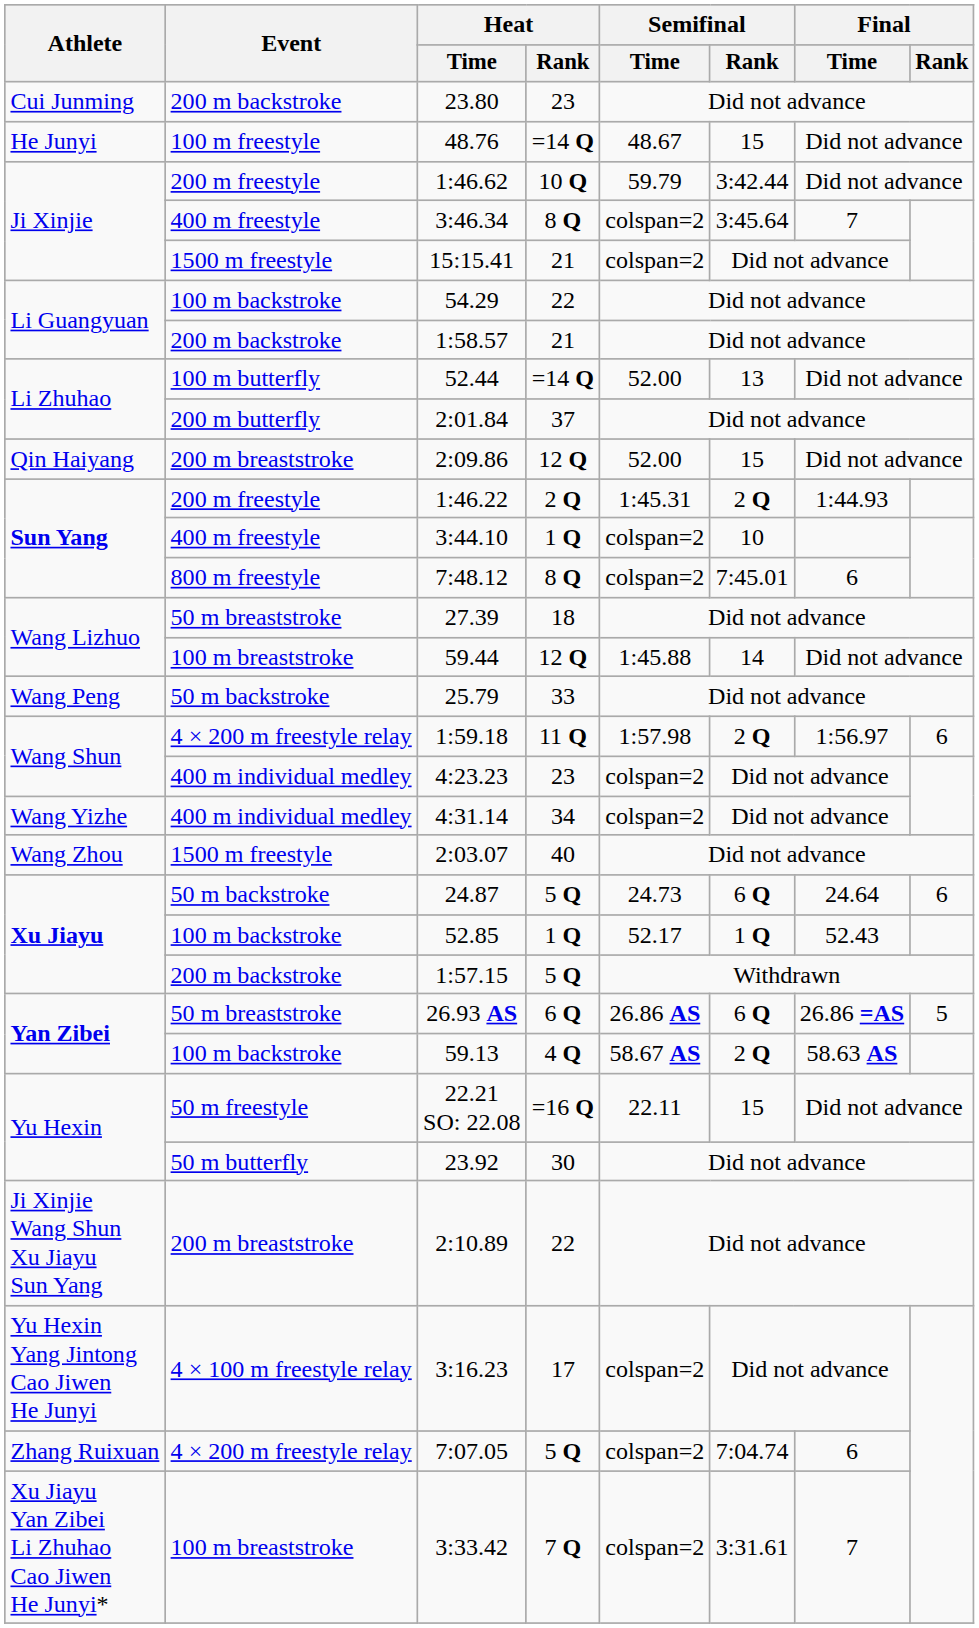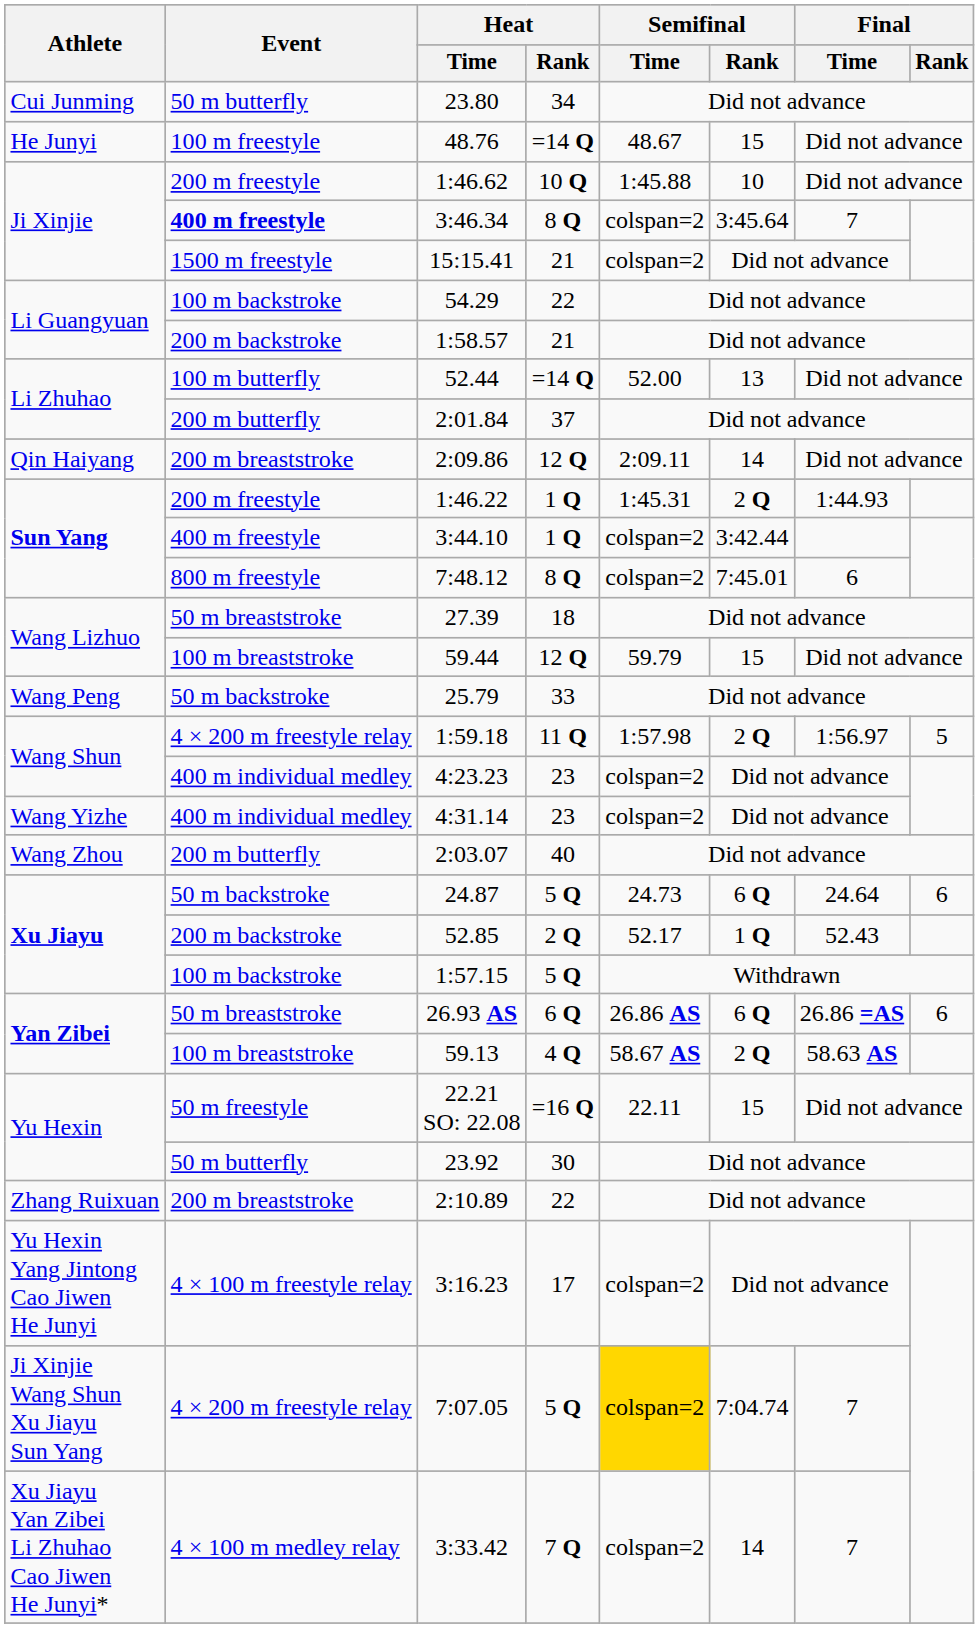 <table class="wikitable" style="text-align:center; font-size:90%">
 <tr>
 <th rowspan="2">Athlete</th>
 <th rowspan="2">Event</th>
 <th colspan="2">Heat</th>
 <th colspan="2">Semifinal</th>
 <th colspan="2">Final</th>
 </tr>
 <tr style="font-size:95%">
 <th>Time</th>
 <th>Rank</th>
 <th>Time</th>
 <th>Rank</th>
 <th>Time</th>
 <th>Rank</th>
 </tr>
 <tr>
 <td align=left><a href='#'>Cui Junming</a></td>
-<td align=left><a href='#'>200 m backstroke</a></td>
+<td align=left><a href='#'>50 m butterfly</a></td>
 <td>23.80</td>
-<td>23</td>
+<td>34</td>
 <td colspan="4">Did not advance</td>
 </tr>
 <tr>
 <td align=left><a href='#'>He Junyi</a></td>
 <td align=left><a href='#'>100 m freestyle</a></td>
 <td>48.76</td>
 <td>=14 <strong>Q</strong></td>
 <td>48.67</td>
 <td>15</td>
 <td colspan="2">Did not advance</td>
 </tr>
 <tr>
 <td align=left rowspan=3><a href='#'>Ji Xinjie</a></td>
 <td align=left><a href='#'>200 m freestyle</a></td>
 <td>1:46.62</td>
 <td>10 <strong>Q</strong></td>
-<td>59.79</td>
-<td>3:42.44</td>
+<td>1:45.88</td>
+<td>10</td>
 <td colspan="2">Did not advance</td>
 </tr>
 <tr>
-<td align=left><a href='#'>400 m freestyle</a></td>
+<td align=left><strong><a href='#'>400 m freestyle</a></strong></td>
 <td>3:46.34</td>
 <td>8 <strong>Q</strong></td>
 <td>colspan=2</td>
 <td>3:45.64</td>
 <td>7</td>
 </tr>
 <tr>
 <td align=left><a href='#'>1500 m freestyle</a></td>
 <td>15:15.41</td>
 <td>21</td>
 <td>colspan=2</td>
 <td colspan="2">Did not advance</td>
 </tr>
 <tr>
 <td align=left rowspan=2><a href='#'>Li Guangyuan</a></td>
 <td align=left><a href='#'>100 m backstroke</a></td>
 <td>54.29</td>
 <td>22</td>
 <td colspan="4">Did not advance</td>
 </tr>
 <tr>
 <td align=left><a href='#'>200 m backstroke</a></td>
 <td>1:58.57</td>
 <td>21</td>
 <td colspan="4">Did not advance</td>
 </tr>
 <tr>
 <td align=left rowspan=2><a href='#'>Li Zhuhao</a></td>
 <td align=left><a href='#'>100 m butterfly</a></td>
 <td>52.44</td>
 <td>=14 <strong>Q</strong></td>
 <td>52.00</td>
 <td>13</td>
 <td colspan="2">Did not advance</td>
 </tr>
 <tr>
 <td align=left><a href='#'>200 m butterfly</a></td>
 <td>2:01.84</td>
 <td>37</td>
 <td colspan="4">Did not advance</td>
 </tr>
 <tr>
 <td align=left><a href='#'>Qin Haiyang</a></td>
 <td align=left><a href='#'>200 m breaststroke</a></td>
 <td>2:09.86</td>
 <td>12 <strong>Q</strong></td>
-<td>52.00</td>
-<td>15</td>
+<td>2:09.11</td>
+<td>14</td>
 <td colspan="2">Did not advance</td>
 </tr>
 <tr>
 <td align=left rowspan=3><strong><a href='#'>Sun Yang</a></strong></td>
 <td align=left><a href='#'>200 m freestyle</a></td>
 <td>1:46.22</td>
-<td>2 <strong>Q</strong></td>
+<td>1 <strong>Q</strong></td>
 <td>1:45.31</td>
 <td>2 <strong>Q</strong></td>
 <td>1:44.93</td>
 <td></td>
 </tr>
 <tr>
 <td align=left><a href='#'>400 m freestyle</a></td>
 <td>3:44.10</td>
 <td>1 <strong>Q</strong></td>
 <td>colspan=2</td>
-<td>10</td>
+<td>3:42.44</td>
 <td></td>
 </tr>
 <tr>
 <td align=left><a href='#'>800 m freestyle</a></td>
 <td>7:48.12</td>
 <td>8 <strong>Q</strong></td>
 <td>colspan=2</td>
 <td>7:45.01</td>
 <td>6</td>
 </tr>
 <tr>
 <td align=left rowspan=2><a href='#'>Wang Lizhuo</a></td>
 <td align=left><a href='#'>50 m breaststroke</a></td>
 <td>27.39</td>
 <td>18</td>
 <td colspan="4">Did not advance</td>
 </tr>
 <tr>
 <td align=left><a href='#'>100 m breaststroke</a></td>
 <td>59.44</td>
 <td>12 <strong>Q</strong></td>
-<td>1:45.88</td>
-<td>14</td>
+<td>59.79</td>
+<td>15</td>
 <td colspan="2">Did not advance</td>
 </tr>
 <tr>
 <td align=left><a href='#'>Wang Peng</a></td>
 <td align=left><a href='#'>50 m backstroke</a></td>
 <td>25.79</td>
 <td>33</td>
 <td colspan="4">Did not advance</td>
 </tr>
 <tr>
 <td align=left rowspan=2><a href='#'>Wang Shun</a></td>
 <td align=left><a href='#'>4 × 200 m freestyle relay</a></td>
 <td>1:59.18</td>
 <td>11 <strong>Q</strong></td>
 <td>1:57.98</td>
 <td>2 <strong>Q</strong></td>
 <td>1:56.97</td>
-<td>6</td>
+<td>5</td>
 </tr>
 <tr>
 <td align=left><a href='#'>400 m individual medley</a></td>
 <td>4:23.23</td>
 <td>23</td>
 <td>colspan=2</td>
 <td colspan="2">Did not advance</td>
 </tr>
 <tr>
 <td align=left><a href='#'>Wang Yizhe</a></td>
 <td align=left><a href='#'>400 m individual medley</a></td>
 <td>4:31.14</td>
-<td>34</td>
+<td>23</td>
 <td>colspan=2</td>
 <td colspan="2">Did not advance</td>
 </tr>
 <tr>
 <td align=left><a href='#'>Wang Zhou</a></td>
-<td align=left><a href='#'>1500 m freestyle</a></td>
+<td align=left><a href='#'>200 m butterfly</a></td>
 <td>2:03.07</td>
 <td>40</td>
 <td colspan="4">Did not advance</td>
 </tr>
 <tr>
 <td align=left rowspan=3><strong><a href='#'>Xu Jiayu</a></strong></td>
 <td align=left><a href='#'>50 m backstroke</a></td>
 <td>24.87</td>
 <td>5 <strong>Q</strong></td>
 <td>24.73</td>
 <td>6 <strong>Q</strong></td>
 <td>24.64</td>
 <td>6</td>
 </tr>
 <tr>
-<td align=left><a href='#'>100 m backstroke</a></td>
+<td align=left><a href='#'>200 m backstroke</a></td>
 <td>52.85</td>
-<td>1 <strong>Q</strong></td>
+<td>2 <strong>Q</strong></td>
 <td>52.17</td>
 <td>1 <strong>Q</strong></td>
 <td>52.43</td>
 <td></td>
 </tr>
 <tr>
-<td align=left><a href='#'>200 m backstroke</a></td>
+<td align=left><a href='#'>100 m backstroke</a></td>
 <td>1:57.15</td>
 <td>5 <strong>Q</strong></td>
 <td colspan="4">Withdrawn</td>
 </tr>
 <tr>
 <td align=left rowspan=2><strong><a href='#'>Yan Zibei</a></strong></td>
 <td align=left><a href='#'>50 m breaststroke</a></td>
 <td>26.93 <strong><a href='#'>AS</a></strong></td>
 <td>6 <strong>Q</strong></td>
 <td>26.86 <strong><a href='#'>AS</a></strong></td>
 <td>6 <strong>Q</strong></td>
 <td>26.86 <strong><a href='#'>=AS</a></strong></td>
-<td>5</td>
+<td>6</td>
 </tr>
 <tr>
-<td align=left><a href='#'>100 m backstroke</a></td>
+<td align=left><a href='#'>100 m breaststroke</a></td>
 <td>59.13</td>
 <td>4 <strong>Q</strong></td>
 <td>58.67 <strong><a href='#'>AS</a></strong></td>
 <td>2 <strong>Q</strong></td>
 <td>58.63 <strong><a href='#'>AS</a></strong></td>
 <td></td>
 </tr>
 <tr>
 <td align=left rowspan=2><a href='#'>Yu Hexin</a></td>
 <td align=left><a href='#'>50 m freestyle</a></td>
 <td>22.21<br>SO: 22.08</td>
 <td>=16 <strong>Q</strong></td>
 <td>22.11</td>
 <td>15</td>
 <td colspan="2">Did not advance</td>
 </tr>
 <tr>
 <td align=left><a href='#'>50 m butterfly</a></td>
 <td>23.92</td>
 <td>30</td>
 <td colspan="4">Did not advance</td>
 </tr>
 <tr>
-<td align=left><a href='#'>Ji Xinjie</a><br><a href='#'>Wang Shun</a><br><a href='#'>Xu Jiayu</a><br><a href='#'>Sun Yang</a></td>
+<td align=left><a href='#'>Zhang Ruixuan</a></td>
 <td align=left><a href='#'>200 m breaststroke</a></td>
 <td>2:10.89</td>
 <td>22</td>
 <td colspan="4">Did not advance</td>
 </tr>
 <tr align=center>
 <td align=left><a href='#'>Yu Hexin</a><br><a href='#'>Yang Jintong</a><br><a href='#'>Cao Jiwen</a><br><a href='#'>He Junyi</a></td>
 <td align=left><a href='#'>4 × 100 m freestyle relay</a></td>
 <td>3:16.23</td>
 <td>17</td>
 <td>colspan=2 </td>
 <td colspan="2">Did not advance</td>
 </tr>
 <tr align=center>
-<td align=left><a href='#'>Zhang Ruixuan</a></td>
+<td align=left><a href='#'>Ji Xinjie</a><br><a href='#'>Wang Shun</a><br><a href='#'>Xu Jiayu</a><br><a href='#'>Sun Yang</a></td>
 <td align=left><a href='#'>4 × 200 m freestyle relay</a></td>
 <td>7:07.05</td>
 <td>5 <strong>Q</strong></td>
-<td>colspan=2 </td>
+<td style="background: gold;">colspan=2 </td>
 <td>7:04.74</td>
-<td>6</td>
+<td>7</td>
 </tr>
 <tr align=center>
 <td align=left><a href='#'>Xu Jiayu</a><br><a href='#'>Yan Zibei</a><br><a href='#'>Li Zhuhao</a><br><a href='#'>Cao Jiwen</a><br><a href='#'>He Junyi</a>*</td>
-<td align=left><a href='#'>100 m breaststroke</a></td>
+<td align=left><a href='#'>4 × 100 m medley relay</a></td>
 <td>3:33.42</td>
 <td>7 <strong>Q</strong></td>
 <td>colspan=2 </td>
-<td>3:31.61</td>
+<td>14</td>
 <td>7</td>
 </tr>
 </table>
